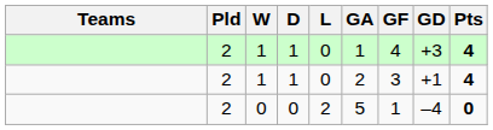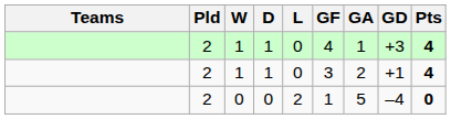 <table class="wikitable" style="text-align: center;">
 <tr>
 <th width=165>Teams</th>
 <th width=20>Pld</th>
 <th width=20>W</th>
 <th width=20>D</th>
 <th width=20>L</th>
+<th width=20>GF</th>
 <th width=20>GA</th>
-<th width=20>GF</th>
 <th width=20>GD</th>
 <th width=20>Pts</th>
 </tr>
 <tr align=center style="background:#ccffcc;">
 <td style="text-align:left;"></td>
 <td>2</td>
 <td>1</td>
 <td>1</td>
 <td>0</td>
+<td>4</td>
 <td>1</td>
-<td>4</td>
 <td>+3</td>
 <td><strong>4</strong></td>
 </tr>
 <tr align=center>
 <td style="text-align:left;"></td>
 <td>2</td>
 <td>1</td>
 <td>1</td>
 <td>0</td>
+<td>3</td>
 <td>2</td>
-<td>3</td>
 <td>+1</td>
 <td><strong>4</strong></td>
 </tr>
 <tr align=center>
 <td style="text-align:left;"></td>
 <td>2</td>
 <td>0</td>
 <td>0</td>
 <td>2</td>
+<td>1</td>
 <td>5</td>
-<td>1</td>
 <td>–4</td>
 <td><strong>0</strong></td>
 </tr>
 </table>
